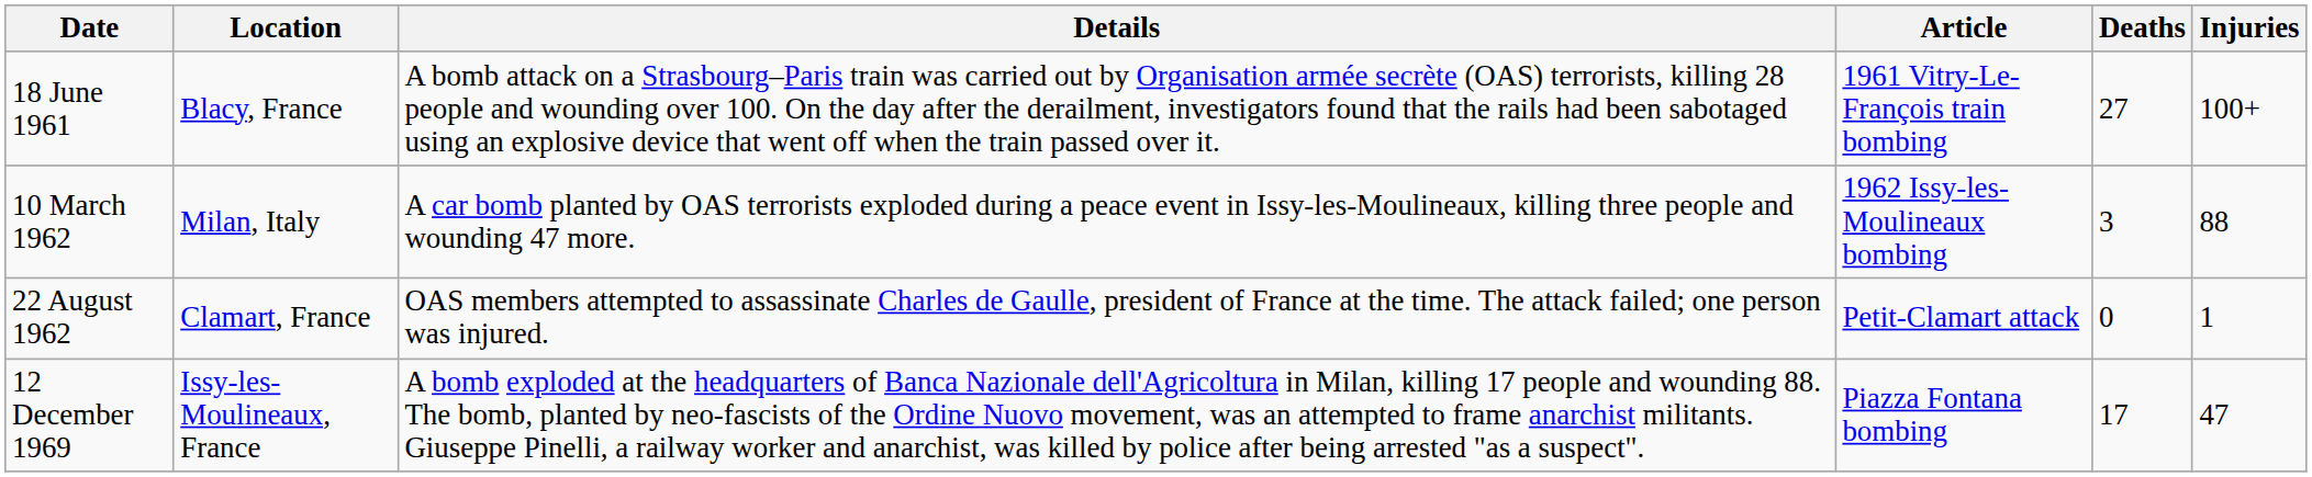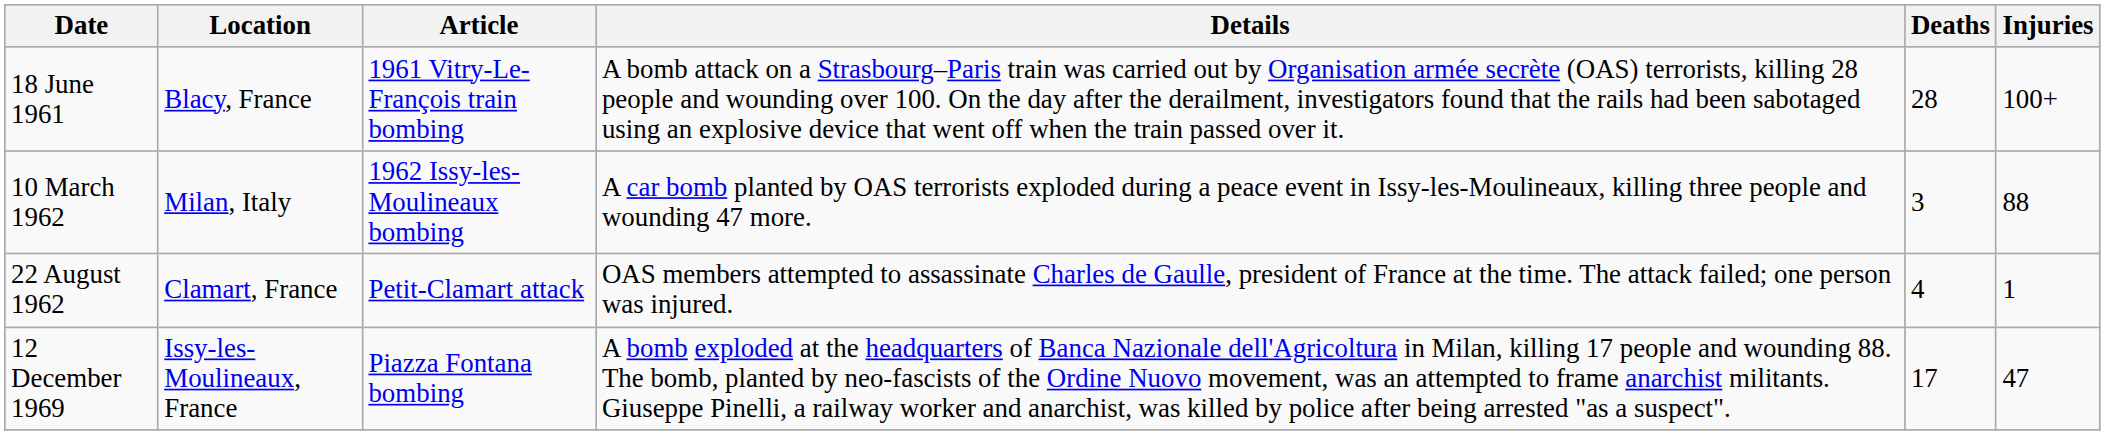 <table class="wikitable ">
 <tr>
 <th>Date</th>
 <th>Location</th>
+<th>Article</th>
 <th>Details</th>
-<th>Article</th>
 <th>Deaths</th>
 <th>Injuries</th>
 </tr>
 <tr>
 <td>18 June 1961</td>
 <td> <a href='#'>Blacy</a>, France</td>
+<td><a href='#'>1961 Vitry-Le-François train bombing</a></td>
 <td>A bomb attack on a <a href='#'>Strasbourg</a>–<a href='#'>Paris</a> train was carried out by <a href='#'>Organisation armée secrète</a> (OAS) terrorists, killing 28 people and wounding over 100. On the day after the derailment, investigators found that the rails had been sabotaged using an explosive device that went off when the train passed over it.</td>
-<td><a href='#'>1961 Vitry-Le-François train bombing</a></td>
-<td>27</td>
+<td>28</td>
 <td>100+</td>
 </tr>
 <tr>
 <td>10 March 1962</td>
 <td> <a href='#'>Milan</a>, Italy</td>
+<td><a href='#'>1962 Issy-les-Moulineaux bombing</a></td>
 <td>A <a href='#'>car bomb</a> planted by OAS terrorists exploded during a peace event in Issy-les-Moulineaux, killing three people and wounding 47 more.</td>
-<td><a href='#'>1962 Issy-les-Moulineaux bombing</a></td>
 <td>3</td>
 <td>88</td>
 </tr>
 <tr>
 <td>22 August 1962</td>
 <td> <a href='#'>Clamart</a>, France</td>
+<td><a href='#'>Petit-Clamart attack</a></td>
 <td>OAS members attempted to assassinate <a href='#'>Charles de Gaulle</a>, president of France at the time. The attack failed; one person was injured.</td>
-<td><a href='#'>Petit-Clamart attack</a></td>
-<td>0</td>
+<td>4</td>
 <td>1</td>
 </tr>
 <tr>
 <td>12 December 1969</td>
 <td> <a href='#'>Issy-les-Moulineaux</a>, France</td>
+<td><a href='#'>Piazza Fontana bombing</a></td>
 <td>A <a href='#'>bomb</a> <a href='#'>exploded</a> at the <a href='#'>headquarters</a> of <a href='#'>Banca Nazionale dell'Agricoltura</a> in Milan, killing 17 people and wounding 88. The bomb, planted by neo-fascists of the <a href='#'>Ordine Nuovo</a> movement, was an attempted to frame <a href='#'>anarchist</a> militants. Giuseppe Pinelli, a railway worker and anarchist, was killed by police after being arrested "as a suspect".</td>
-<td><a href='#'>Piazza Fontana bombing</a></td>
 <td>17</td>
 <td>47</td>
 </tr>
 </table>
